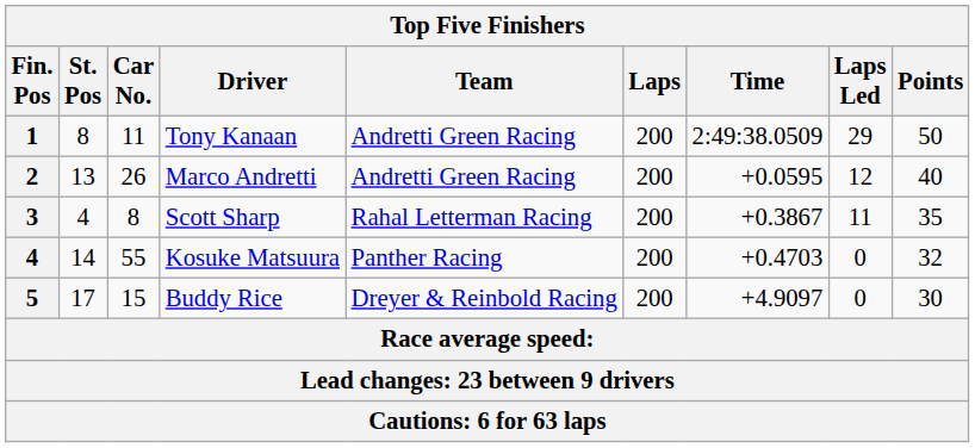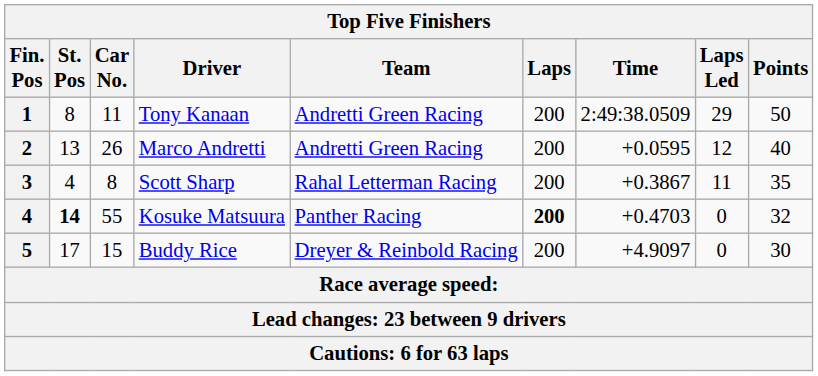 <table class="wikitable" style="font-size:95%;text-align:center">
 <tr>
 <th colspan=9>Top Five Finishers</th>
 </tr>
 <tr>
 <th>Fin.<br>Pos</th>
 <th>St.<br>Pos</th>
 <th>Car<br>No.</th>
 <th>Driver</th>
 <th>Team</th>
 <th>Laps</th>
 <th>Time</th>
 <th>Laps<br>Led</th>
 <th>Points</th>
 </tr>
 <tr>
 <th>1</th>
 <td>8</td>
 <td>11</td>
 <td style="text-align:left"> <a href='#'>Tony Kanaan</a></td>
 <td style="text-align:left"><a href='#'>Andretti Green Racing</a></td>
 <td>200</td>
 <td align=right>2:49:38.0509</td>
 <td>29</td>
 <td>50</td>
 </tr>
 <tr>
 <th>2</th>
 <td>13</td>
 <td>26</td>
 <td style="text-align:left"> <a href='#'>Marco Andretti</a></td>
 <td style="text-align:left"><a href='#'>Andretti Green Racing</a></td>
 <td>200</td>
 <td align=right>+0.0595</td>
 <td>12</td>
 <td>40</td>
 </tr>
 <tr>
 <th>3</th>
 <td>4</td>
 <td>8</td>
 <td style="text-align:left"> <a href='#'>Scott Sharp</a></td>
 <td style="text-align:left"><a href='#'>Rahal Letterman Racing</a></td>
 <td>200</td>
 <td align=right>+0.3867</td>
 <td>11</td>
 <td>35</td>
 </tr>
 <tr>
 <th>4</th>
-<td>14</td>
+<td><strong>14</strong></td>
 <td>55</td>
 <td style="text-align:left"> <a href='#'>Kosuke Matsuura</a></td>
 <td style="text-align:left"><a href='#'>Panther Racing</a></td>
-<td>200</td>
+<td><strong>200</strong></td>
 <td align=right>+0.4703</td>
 <td>0</td>
 <td>32</td>
 </tr>
 <tr>
 <th>5</th>
 <td>17</td>
 <td>15</td>
 <td style="text-align:left"> <a href='#'>Buddy Rice</a></td>
 <td><a href='#'>Dreyer & Reinbold Racing</a></td>
 <td>200</td>
 <td align=right>+4.9097</td>
 <td>0</td>
 <td>30</td>
 </tr>
 <tr>
 <th colspan=9>Race average speed: </th>
 </tr>
 <tr>
 <th colspan=9>Lead changes: 23 between 9 drivers</th>
 </tr>
 <tr>
 <th colspan=9>Cautions: 6 for 63 laps</th>
 </tr>
 </table>
